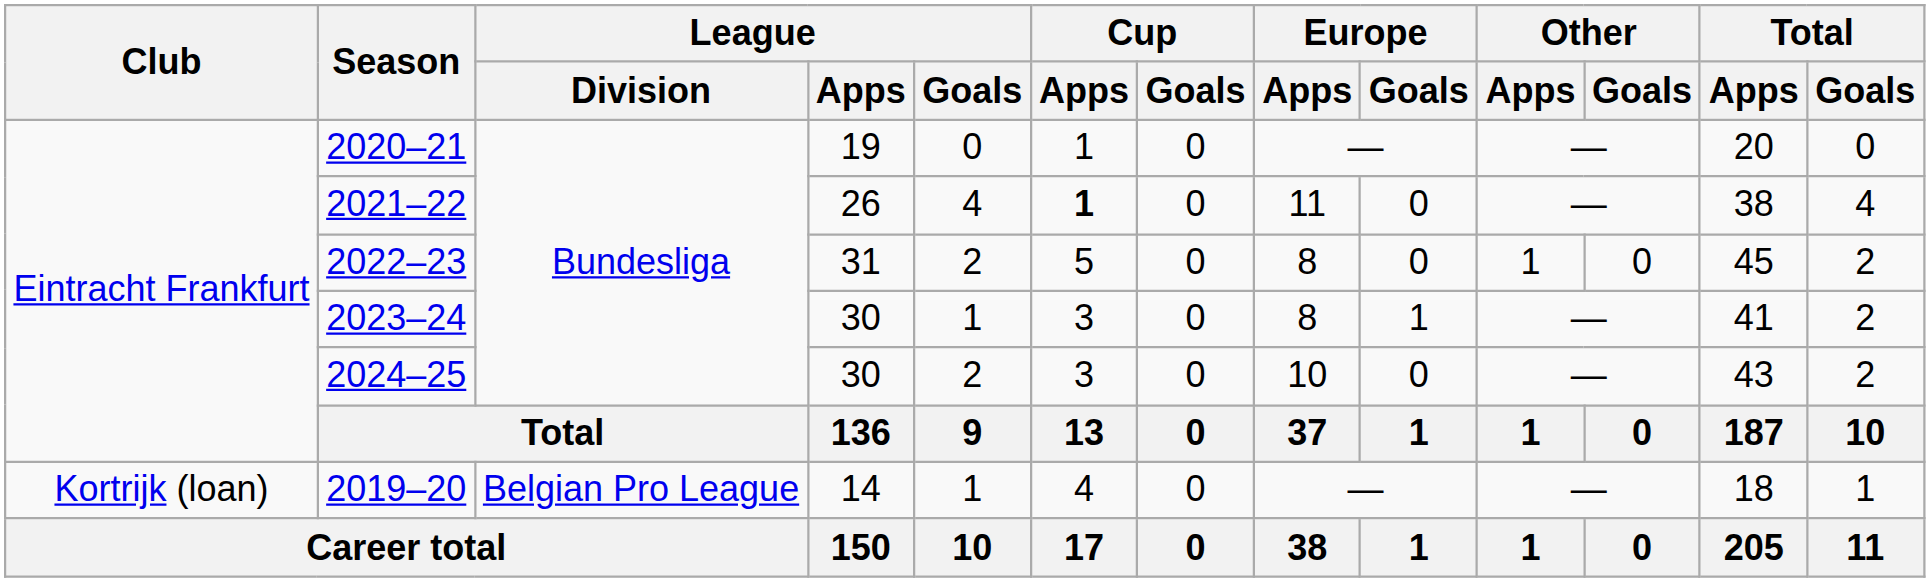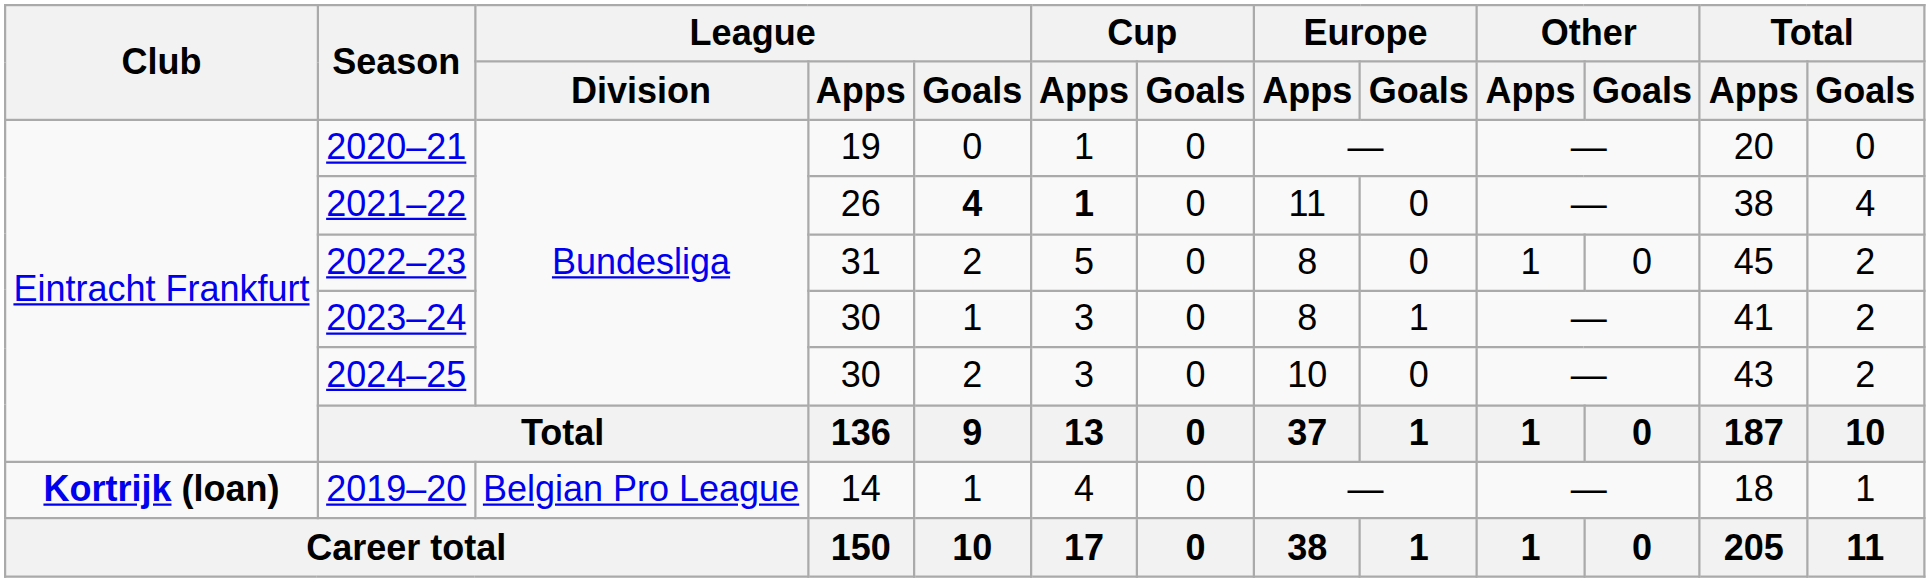 <table class="wikitable" style="text-align: center;">
 <tr>
 <th rowspan="2">Club</th>
 <th rowspan="2">Season</th>
 <th colspan="3">League</th>
 <th colspan="2">Cup</th>
 <th colspan="2">Europe</th>
 <th colspan="2">Other</th>
 <th colspan="2">Total</th>
 </tr>
 <tr>
 <th>Division</th>
 <th>Apps</th>
 <th>Goals</th>
 <th>Apps</th>
 <th>Goals</th>
 <th>Apps</th>
 <th>Goals</th>
 <th>Apps</th>
 <th>Goals</th>
 <th>Apps</th>
 <th>Goals</th>
 </tr>
 <tr>
 <td rowspan="6"><a href='#'>Eintracht Frankfurt</a></td>
 <td><a href='#'>2020–21</a></td>
 <td rowspan="5"><a href='#'>Bundesliga</a></td>
 <td>19</td>
 <td>0</td>
 <td>1</td>
 <td>0</td>
 <td colspan="2">—</td>
 <td colspan="2">—</td>
 <td>20</td>
 <td>0</td>
 </tr>
 <tr>
 <td><a href='#'>2021–22</a></td>
 <td>26</td>
-<td>4</td>
+<td><strong>4</strong></td>
 <td><strong>1</strong></td>
 <td>0</td>
 <td>11</td>
 <td>0</td>
 <td colspan="2">—</td>
 <td>38</td>
 <td>4</td>
 </tr>
 <tr>
 <td><a href='#'>2022–23</a></td>
 <td>31</td>
 <td>2</td>
 <td>5</td>
 <td>0</td>
 <td>8</td>
 <td>0</td>
 <td>1</td>
 <td>0</td>
 <td>45</td>
 <td>2</td>
 </tr>
 <tr>
 <td><a href='#'>2023–24</a></td>
 <td>30</td>
 <td>1</td>
 <td>3</td>
 <td>0</td>
 <td>8</td>
 <td>1</td>
 <td colspan="2">—</td>
 <td>41</td>
 <td>2</td>
 </tr>
 <tr>
 <td><a href='#'>2024–25</a></td>
 <td>30</td>
 <td>2</td>
 <td>3</td>
 <td>0</td>
 <td>10</td>
 <td>0</td>
 <td colspan="2">—</td>
 <td>43</td>
 <td>2</td>
 </tr>
 <tr>
 <th colspan="2">Total</th>
 <th>136</th>
 <th>9</th>
 <th>13</th>
 <th>0</th>
 <th>37</th>
 <th>1</th>
 <th>1</th>
 <th>0</th>
 <th>187</th>
 <th>10</th>
 </tr>
 <tr>
-<td><a href='#'>Kortrijk</a> (loan)</td>
+<td><strong><a href='#'>Kortrijk</a> (loan)</strong></td>
 <td><a href='#'>2019–20</a></td>
 <td><a href='#'>Belgian Pro League</a></td>
 <td>14</td>
 <td>1</td>
 <td>4</td>
 <td>0</td>
 <td colspan="2">—</td>
 <td colspan="2">—</td>
 <td>18</td>
 <td>1</td>
 </tr>
 <tr>
 <th colspan="3">Career total</th>
 <th>150</th>
 <th>10</th>
 <th>17</th>
 <th>0</th>
 <th>38</th>
 <th>1</th>
 <th>1</th>
 <th>0</th>
 <th>205</th>
 <th>11</th>
 </tr>
 </table>
